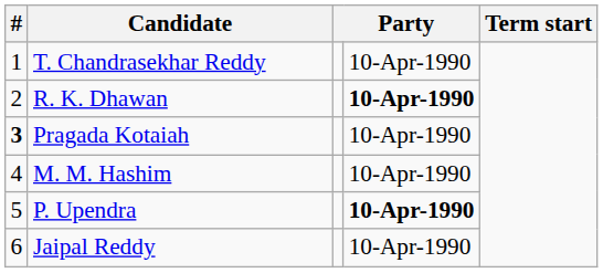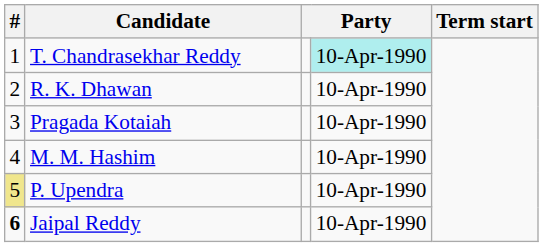 <table class="wikitable">
 <tr>
 <th>#</th>
 <th style="width:200px">Candidate</th>
 <th colspan="2">Party</th>
 <th>Term start</th>
 </tr>
 <tr>
 <td>1</td>
 <td><a href='#'>T. Chandrasekhar Reddy</a></td>
 <td></td>
-<td>10-Apr-1990</td>
+<td style="background: paleturquoise;">10-Apr-1990</td>
 </tr>
 <tr>
 <td>2</td>
 <td><a href='#'>R. K. Dhawan</a></td>
 <td></td>
-<td><strong>10-Apr-1990</strong></td>
+<td>10-Apr-1990</td>
 </tr>
 <tr>
-<td><strong>3</strong></td>
+<td>3</td>
 <td><a href='#'>Pragada Kotaiah</a></td>
 <td></td>
 <td>10-Apr-1990</td>
 </tr>
 <tr>
 <td>4</td>
 <td><a href='#'>M. M. Hashim</a></td>
 <td></td>
 <td>10-Apr-1990</td>
 </tr>
 <tr>
-<td>5</td>
+<td style="background: khaki;">5</td>
 <td><a href='#'>P. Upendra</a></td>
 <td></td>
-<td><strong>10-Apr-1990</strong></td>
+<td>10-Apr-1990</td>
 </tr>
 <tr>
-<td>6</td>
+<td><strong>6</strong></td>
 <td><a href='#'>Jaipal Reddy</a></td>
 <td></td>
 <td>10-Apr-1990</td>
 </tr>
 </table>
